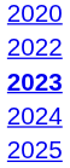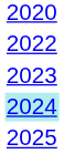 <table>
 <tr>
 <td><a href='#'>2020</a></td>
 <td></td>
 <td></td>
 <td></td>
 </tr>
 <tr>
 <td><a href='#'>2022</a></td>
 <td></td>
 <td></td>
 <td></td>
 </tr>
 <tr>
-<td><strong><a href='#'>2023</a></strong></td>
+<td><a href='#'>2023</a></td>
 <td></td>
 <td></td>
 <td></td>
 </tr>
 <tr>
-<td><a href='#'>2024</a></td>
+<td style="background: paleturquoise;"><a href='#'>2024</a></td>
 <td></td>
 <td></td>
 <td></td>
 </tr>
 <tr>
 <td><a href='#'>2025</a></td>
 <td></td>
 <td></td>
 <td></td>
 </tr>
 </table>
